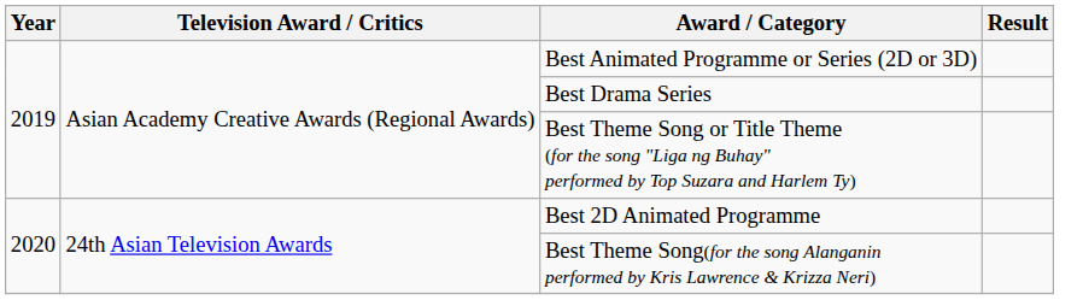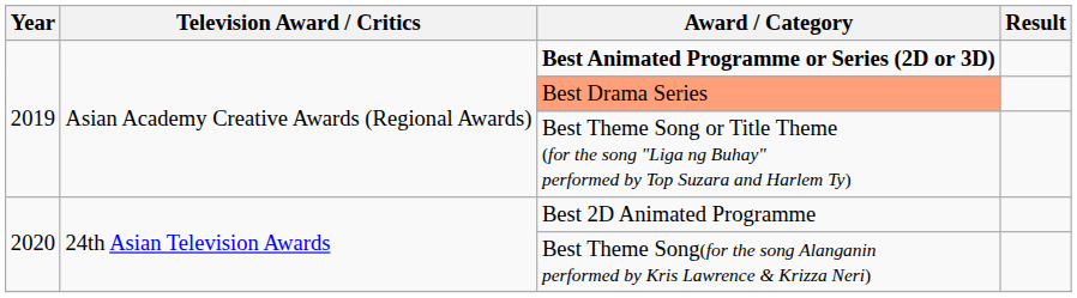 <table class="wikitable">
 <tr style= text-align:center;>
 <th>Year</th>
 <th>Television Award / Critics</th>
 <th>Award / Category</th>
 <th>Result</th>
 </tr>
 <tr>
 <td rowspan="3">2019</td>
 <td rowspan="3">Asian Academy Creative Awards (Regional Awards)</td>
-<td>Best Animated Programme or Series (2D or 3D)</td>
+<td><strong>Best Animated Programme or Series (2D or 3D)</strong></td>
 <td></td>
 </tr>
 <tr>
-<td>Best Drama Series</td>
+<td style="background: lightsalmon;">Best Drama Series</td>
 <td></td>
 </tr>
 <tr>
 <td>Best Theme Song or Title Theme <br><small>(<em>for the song "Liga ng Buhay" <br>performed by Top Suzara and Harlem Ty</em>)</small></td>
 <td></td>
 </tr>
 <tr>
 <td rowspan="2">2020</td>
 <td rowspan=2>24th <a href='#'>Asian Television Awards</a></td>
 <td>Best 2D Animated Programme</td>
 <td></td>
 </tr>
 <tr>
 <td>Best Theme Song<small>(<em>for the song Alanganin <br>performed by Kris Lawrence & Krizza Neri</em>)</small></td>
 <td></td>
 </tr>
 <tr>
 </tr>
 </table>
